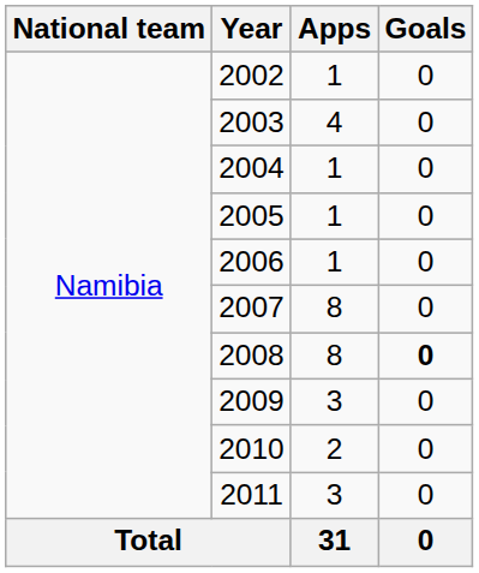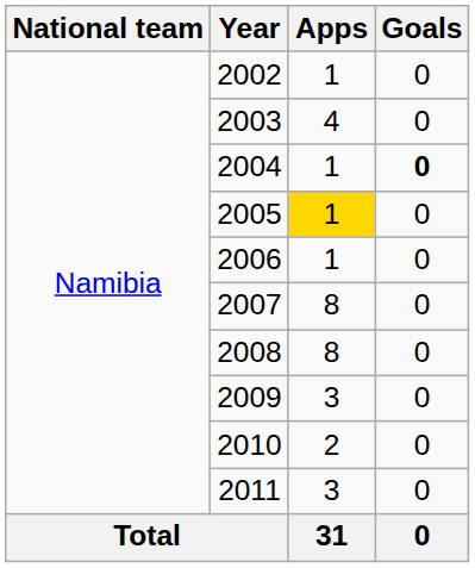 <table class="wikitable" style="text-align:center">
 <tr>
 <th>National team</th>
 <th>Year</th>
 <th>Apps</th>
 <th>Goals</th>
 </tr>
 <tr>
 <td rowspan="10"><a href='#'>Namibia</a></td>
 <td>2002</td>
 <td>1</td>
 <td>0</td>
 </tr>
 <tr>
 <td>2003</td>
 <td>4</td>
 <td>0</td>
 </tr>
 <tr>
 <td>2004</td>
 <td>1</td>
-<td>0</td>
+<td><strong>0</strong></td>
 </tr>
 <tr>
 <td>2005</td>
-<td>1</td>
+<td style="background: gold;">1</td>
 <td>0</td>
 </tr>
 <tr>
 <td>2006</td>
 <td>1</td>
 <td>0</td>
 </tr>
 <tr>
 <td>2007</td>
 <td>8</td>
 <td>0</td>
 </tr>
 <tr>
 <td>2008</td>
 <td>8</td>
-<td><strong>0</strong></td>
+<td>0</td>
 </tr>
 <tr>
 <td>2009</td>
 <td>3</td>
 <td>0</td>
 </tr>
 <tr>
 <td>2010</td>
 <td>2</td>
 <td>0</td>
 </tr>
 <tr>
 <td>2011</td>
 <td>3</td>
 <td>0</td>
 </tr>
 <tr>
 <th colspan="2">Total</th>
 <th>31</th>
 <th>0</th>
 </tr>
 </table>
